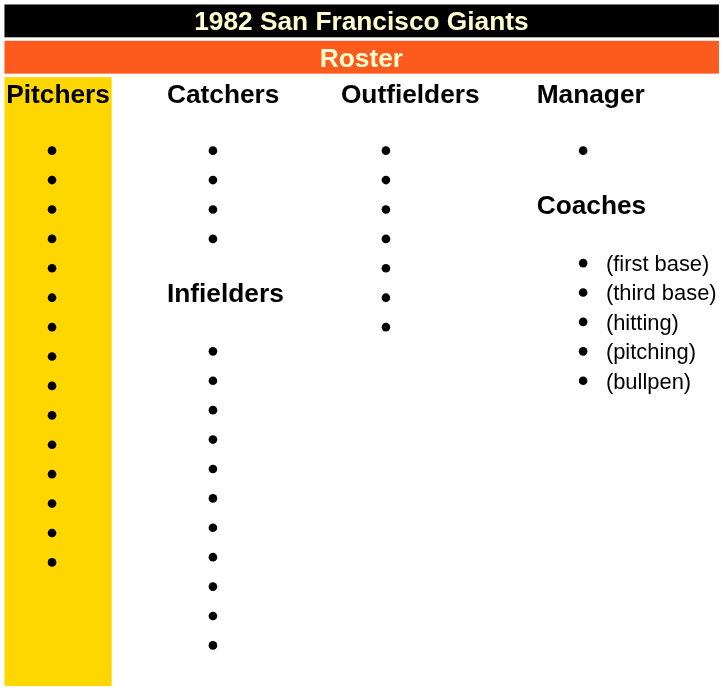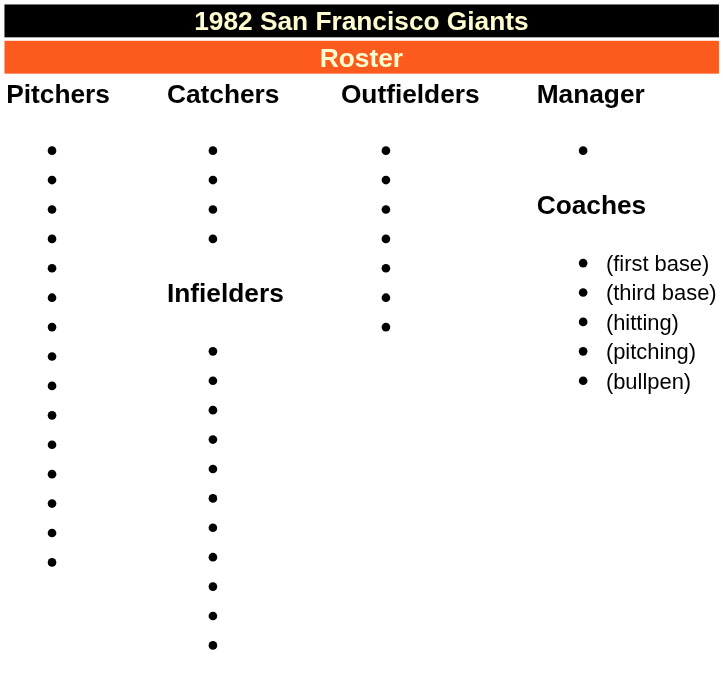 <table class="toccolours" style="font-size: 95%;">
 <tr>
 <th colspan="10" style="background-color: black; color: #FFFDD0; text-align: center;">1982 San Francisco Giants</th>
 </tr>
 <tr>
 <td colspan="10" style="background-color: #fd5a1e; color: #FFFDD0; text-align: center;"><strong>Roster</strong></td>
 </tr>
 <tr>
-<td valign="top" style="background: gold;"><strong>Pitchers</strong><br><ul><li></li><li></li><li></li><li></li><li></li><li></li><li></li><li></li><li></li><li></li><li></li><li></li><li></li><li></li><li></li></ul></td>
+<td valign="top"><strong>Pitchers</strong><br><ul><li></li><li></li><li></li><li></li><li></li><li></li><li></li><li></li><li></li><li></li><li></li><li></li><li></li><li></li><li></li></ul></td>
 <td width="25px"></td>
 <td valign="top"><strong>Catchers</strong><br><ul><li></li><li></li><li></li><li></li></ul><strong>Infielders</strong><ul><li></li><li></li><li></li><li></li><li></li><li></li><li></li><li></li><li></li><li></li><li></li></ul></td>
 <td width="25px"></td>
 <td valign="top"><strong>Outfielders</strong><br><ul><li></li><li></li><li></li><li></li><li></li><li></li><li></li></ul></td>
 <td width="25px"></td>
 <td valign="top"><strong>Manager</strong><br><ul><li></li></ul><strong>Coaches</strong><ul><li> <small>(first base)</small></li><li> <small>(third base)</small></li><li> <small>(hitting)</small></li><li> <small>(pitching)</small></li><li> <small>(bullpen)</small></li></ul></td>
 </tr>
 <tr>
 </tr>
 </table>
